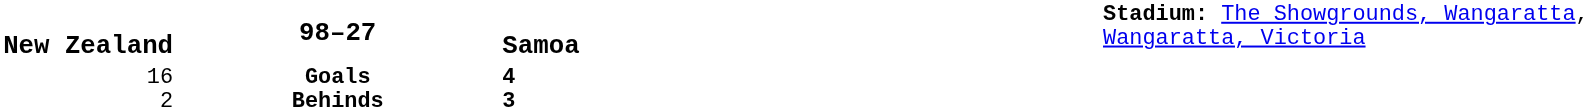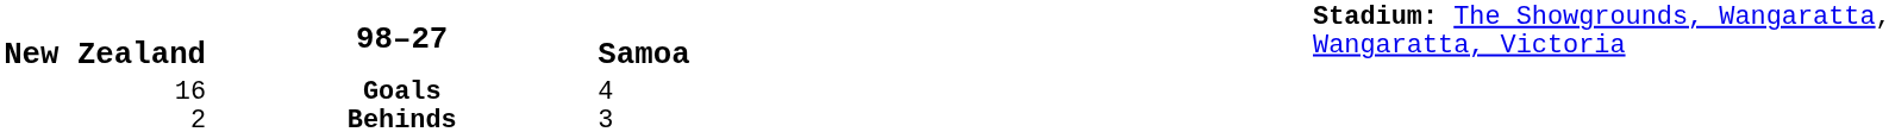 <table style="width: 100%; background: transparent;" cellspacing="0">
 <tr>
 <td align=center valign=top rowspan=3 width=15%></td>
 </tr>
 <tr>
 <td width=24% align=right><br><strong>New Zealand</strong></td>
 <td align=center width=13%><strong>98–27</strong></td>
 <td width=24%><br><strong>Samoa</strong></td>
 <td style=font-size:85% rowspan=2 valign=top><strong>Stadium:</strong> <a href='#'>The Showgrounds, Wangaratta</a>, <a href='#'>Wangaratta, Victoria</a></td>
 </tr>
 <tr style=font-size:85%>
 <td align=right valign=top>16<br> 2</td>
 <td align=center valign=top><strong>Goals <br>Behinds</strong></td>
-<td valign=top><strong>4<br> 3</strong></td>
+<td valign=top>4<br> 3</td>
 </tr>
 </table>
